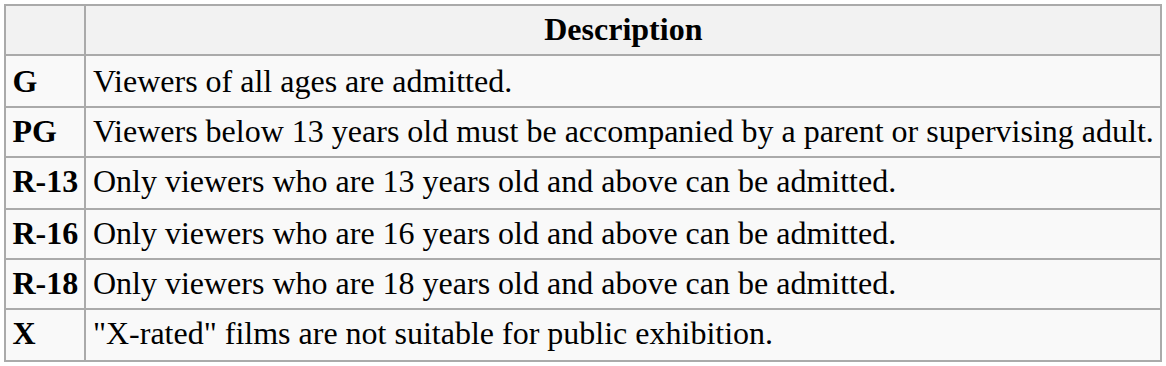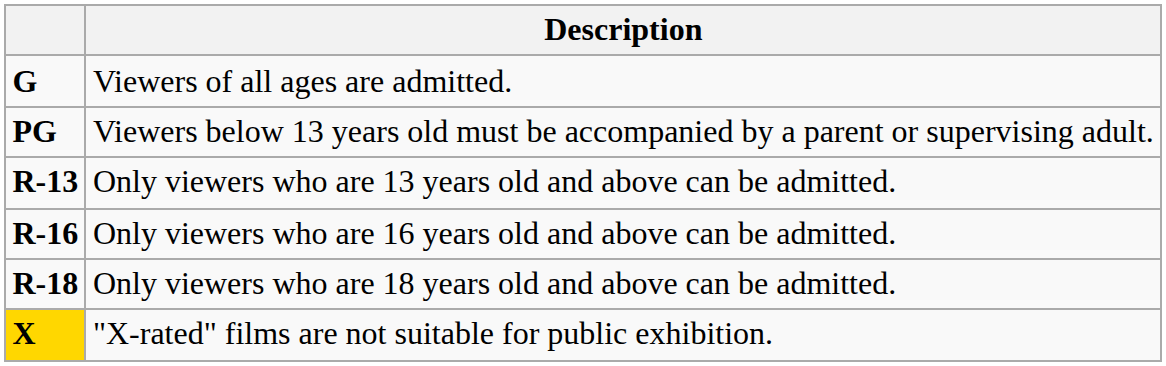 <table class="wikitable">
 <tr>
 <th></th>
 <th>Description</th>
 </tr>
 <tr>
 <td><strong>G</strong></td>
 <td>Viewers of all ages are admitted.</td>
 </tr>
 <tr>
 <td><strong>PG</strong></td>
 <td>Viewers below 13 years old must be accompanied by a parent or supervising adult.</td>
 </tr>
 <tr>
 <td><strong>R-13</strong></td>
 <td>Only viewers who are 13 years old and above can be admitted.</td>
 </tr>
 <tr>
 <td><strong>R-16</strong></td>
 <td>Only viewers who are 16 years old and above can be admitted.</td>
 </tr>
 <tr>
 <td><strong>R-18</strong></td>
 <td>Only viewers who are 18 years old and above can be admitted.</td>
 </tr>
 <tr>
-<td><strong>X</strong></td>
+<td style="background: gold;"><strong>X</strong></td>
 <td>"X-rated" films are not suitable for public exhibition.</td>
 </tr>
 </table>
